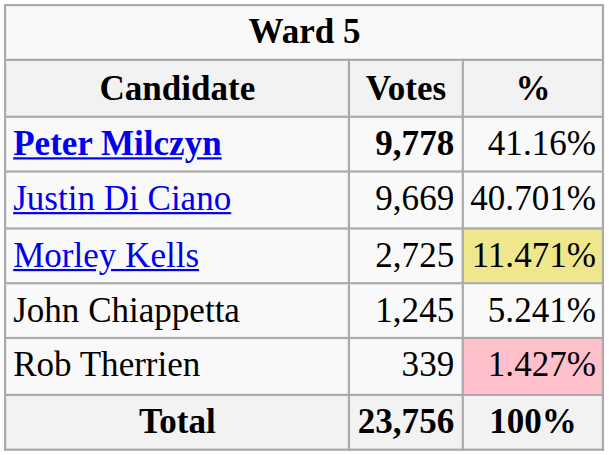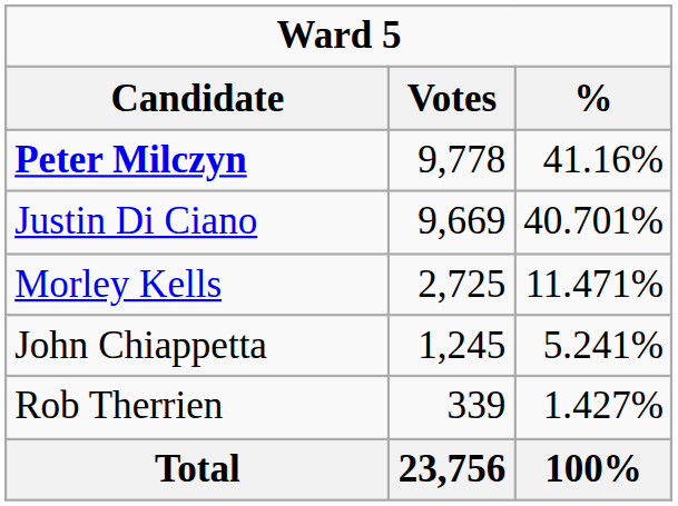 <table class="wikitable">
 <tr>
 <td Colspan="3" align="center"><strong>Ward 5</strong></td>
 </tr>
 <tr>
 <th bgcolor="#DDDDFF" width="150px">Candidate</th>
 <th bgcolor="#DDDDFF">Votes</th>
 <th bgcolor="#DDDDFF">%</th>
 </tr>
 <tr>
 <td><strong><a href='#'>Peter Milczyn</a></strong></td>
-<td align=right><strong>9,778</strong></td>
+<td align=right>9,778</td>
 <td align=right>41.16%</td>
 </tr>
 <tr>
 <td><a href='#'>Justin Di Ciano</a></td>
 <td align=right>9,669</td>
 <td align=right>40.701%</td>
 </tr>
 <tr>
 <td><a href='#'>Morley Kells</a></td>
 <td align=right>2,725</td>
-<td align=right style="background: khaki;">11.471%</td>
+<td align=right>11.471%</td>
 </tr>
 <tr>
 <td>John Chiappetta</td>
 <td align=right>1,245</td>
 <td align=right>5.241%</td>
 </tr>
 <tr>
 <td>Rob Therrien</td>
 <td align=right>339</td>
-<td align=right style="background: pink;">1.427%</td>
+<td align=right>1.427%</td>
 </tr>
 <tr>
 <th>Total</th>
 <th align=right>23,756</th>
 <th align=right>100%</th>
 </tr>
 </table>
